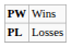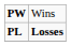 <table class="wikitable">
 <tr>
 <td><strong>PW</strong></td>
 <td>Wins</td>
 </tr>
 <tr>
 <td><strong>PL</strong></td>
-<td>Losses</td>
+<td><strong>Losses</strong></td>
 </tr>
 <tr>
 </tr>
 </table>
